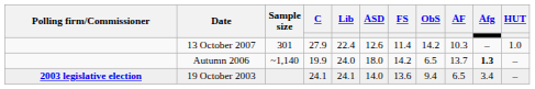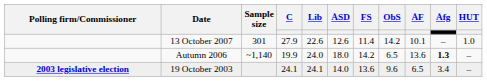 <table class="wikitable collapsible" style="text-align:center; font-size:95%; line-height:16px;">
 <tr style="height:42px;">
 <th style="width:250px;" rowspan="2">Polling firm/Commissioner</th>
 <th style="width:125px;" rowspan="2">Date</th>
 <th style="width:50px;" rowspan="2">Sample size</th>
 <th style="width:35px;"><a href='#'>C</a></th>
 <th style="width:35px;"><a href='#'>Lib</a></th>
 <th style="width:35px;"><a href='#'>ÅSD</a></th>
 <th style="width:35px;"><a href='#'>FS</a></th>
 <th style="width:35px;"><a href='#'>ObS</a></th>
 <th style="width:35px;"><a href='#'>ÅF</a></th>
 <th style="width:35px;"><a href='#'>Åfg</a></th>
 <th style="width:35px;"><a href='#'>HUT</a></th>
 </tr>
 <tr>
 <th style="color:inherit;background:"></th>
 <th style="color:inherit;background:"></th>
 <th style="color:inherit;background:"></th>
 <th style="color:inherit;background:"></th>
 <th style="color:inherit;background:"></th>
 <th style="color:inherit;background:"></th>
 <th style="color:inherit;background:black;"></th>
 <th style="color:inherit;background:;"></th>
 </tr>
 <tr>
 <td></td>
 <td>13 October 2007</td>
 <td>301</td>
 <td>27.9<br></td>
-<td>22.4<br></td>
+<td>22.6<br></td>
 <td>12.6<br></td>
 <td>11.4<br></td>
 <td>14.2<br></td>
-<td>10.3<br></td>
+<td>10.1<br></td>
 <td>–</td>
 <td>1.0<br></td>
 </tr>
 <tr>
 <td></td>
 <td>Autumn 2006</td>
 <td>~1,140</td>
 <td>19.9<br></td>
 <td>24.0<br></td>
 <td>18.0<br></td>
 <td>14.2<br></td>
 <td>6.5<br></td>
-<td>13.7<br></td>
+<td>13.6<br></td>
 <td><strong>1.3<br></strong></td>
 <td>–</td>
 </tr>
 <tr style="background:#EFEFEF;">
 <td><strong><a href='#'>2003 legislative election</a></strong></td>
 <td>19 October 2003</td>
 <td></td>
 <td>24.1<br></td>
 <td>24.1<br></td>
 <td>14.0<br></td>
 <td>13.6<br></td>
-<td>9.4<br></td>
+<td>9.6<br></td>
 <td>6.5<br></td>
 <td>3.4<br></td>
 <td>–</td>
 </tr>
 </table>
